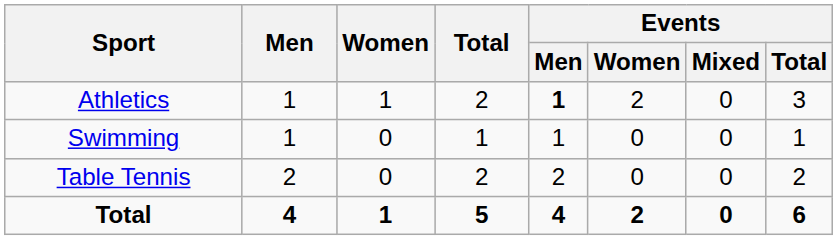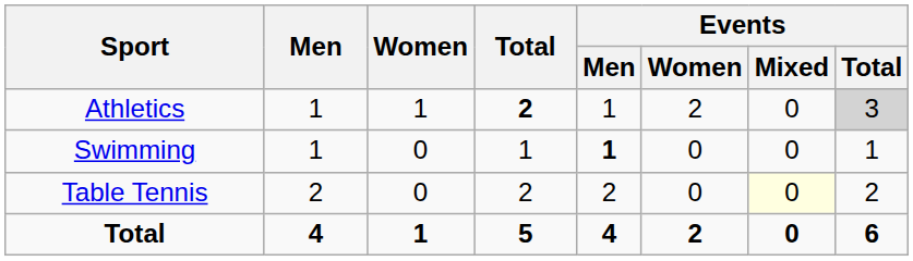 <table class="wikitable sortable" style="text-align:center;">
 <tr>
 <th rowspan="2" width="150">Sport</th>
 <th rowspan="2" width="55">Men</th>
 <th rowspan="2" width="55">Women</th>
 <th rowspan="2" width="55">Total</th>
 <th colspan="4">Events</th>
 </tr>
 <tr>
 <th>Men</th>
 <th>Women</th>
 <th>Mixed</th>
 <th>Total</th>
 </tr>
 <tr>
 <td><a href='#'>Athletics</a></td>
 <td>1</td>
 <td>1</td>
-<td>2</td>
-<td><strong>1</strong></td>
+<td><strong>2</strong></td>
+<td>1</td>
 <td>2</td>
 <td>0</td>
-<td>3</td>
+<td style="background: lightgrey;">3</td>
 </tr>
 <tr>
 <td><a href='#'>Swimming</a></td>
 <td>1</td>
 <td>0</td>
 <td>1</td>
-<td>1</td>
+<td><strong>1</strong></td>
 <td>0</td>
 <td>0</td>
 <td>1</td>
 </tr>
 <tr>
 <td><a href='#'>Table Tennis</a></td>
 <td>2</td>
 <td>0</td>
 <td>2</td>
 <td>2</td>
 <td>0</td>
-<td>0</td>
+<td style="background: lightyellow;">0</td>
 <td>2</td>
 </tr>
 <tr>
 <td><strong>Total</strong></td>
 <td><strong>4</strong></td>
 <td><strong>1</strong></td>
 <td><strong>5</strong></td>
 <td><strong>4</strong></td>
 <td><strong>2</strong></td>
 <td><strong>0</strong></td>
 <td><strong>6</strong></td>
 </tr>
 </table>
